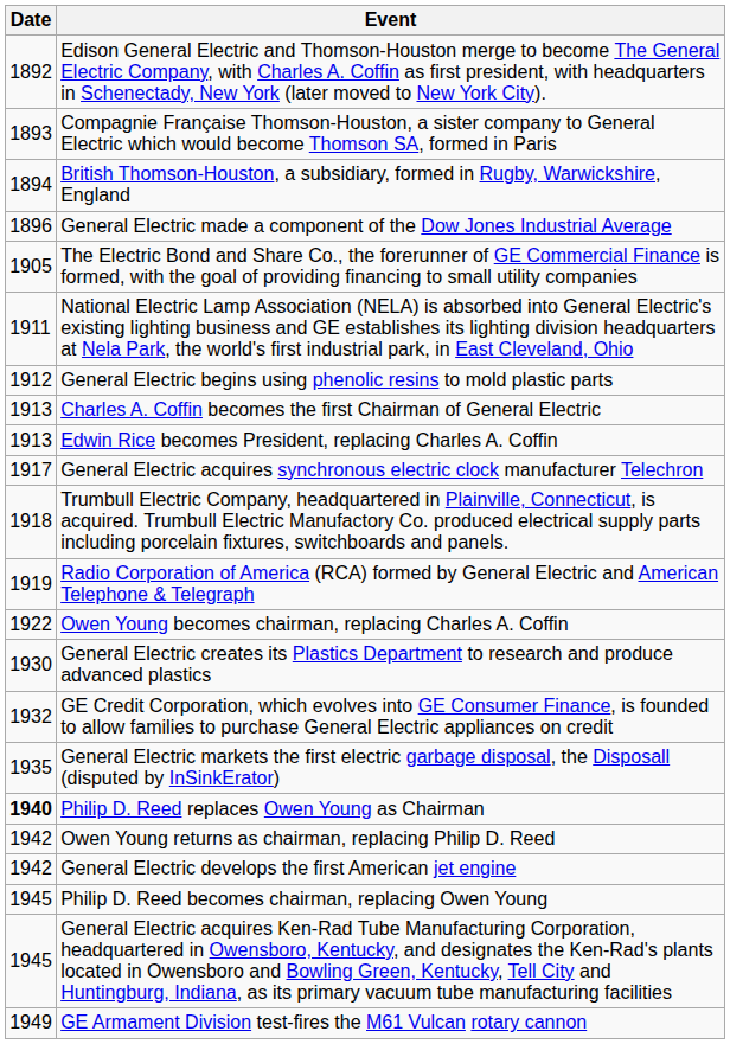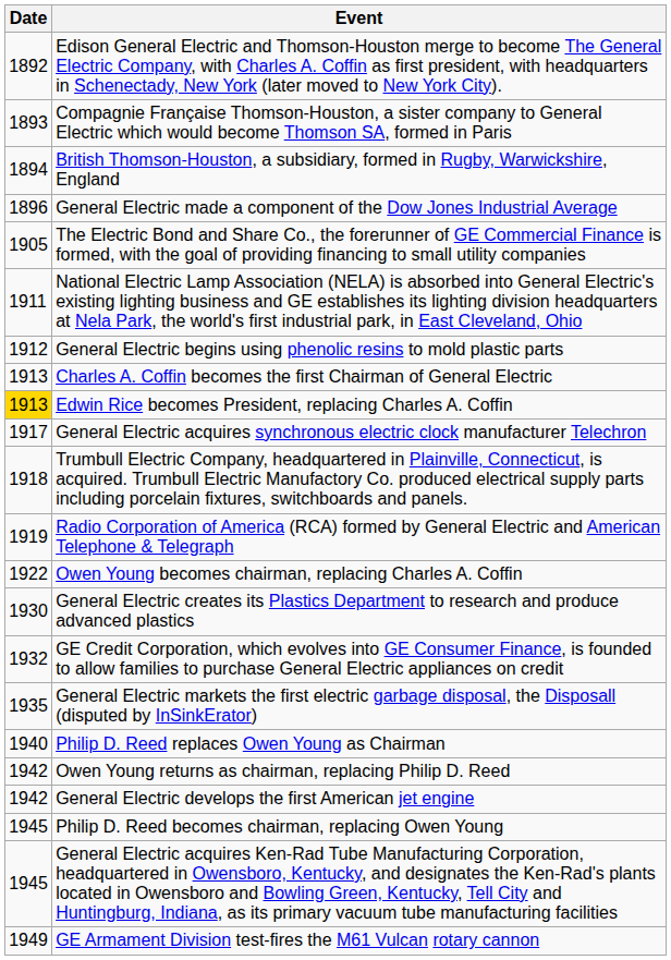 <table class="wikitable">
 <tr>
 <th>Date</th>
 <th>Event</th>
 </tr>
 <tr>
 </tr>
 <tr>
 <td>1892</td>
 <td>Edison General Electric and Thomson-Houston merge to become <a href='#'>The General Electric Company</a>, with <a href='#'>Charles A. Coffin</a> as first president, with headquarters in <a href='#'>Schenectady, New York</a> (later moved to <a href='#'>New York City</a>).</td>
 </tr>
 <tr>
 <td>1893</td>
 <td>Compagnie Française Thomson-Houston, a sister company to General Electric which would become <a href='#'>Thomson SA</a>, formed in Paris</td>
 </tr>
 <tr>
 <td>1894</td>
 <td><a href='#'>British Thomson-Houston</a>, a subsidiary, formed in <a href='#'>Rugby, Warwickshire</a>, England</td>
 </tr>
 <tr>
 <td>1896</td>
 <td>General Electric made a component of the <a href='#'>Dow Jones Industrial Average</a></td>
 </tr>
 <tr>
 <td>1905</td>
 <td>The Electric Bond and Share Co., the forerunner of <a href='#'>GE Commercial Finance</a> is formed, with the goal of providing financing to small utility companies</td>
 </tr>
 <tr>
 <td>1911</td>
 <td>National Electric Lamp Association (NELA) is absorbed into General Electric's existing lighting business and GE establishes its lighting division headquarters at <a href='#'>Nela Park</a>, the world's first industrial park, in <a href='#'>East Cleveland, Ohio</a></td>
 </tr>
 <tr>
 <td>1912</td>
 <td>General Electric begins using <a href='#'>phenolic resins</a> to mold plastic parts</td>
 </tr>
 <tr>
 <td>1913</td>
 <td><a href='#'>Charles A. Coffin</a> becomes the first Chairman of General Electric</td>
 </tr>
 <tr>
-<td>1913</td>
+<td style="background: gold;">1913</td>
 <td><a href='#'>Edwin Rice</a> becomes President, replacing Charles A. Coffin</td>
 </tr>
 <tr>
 <td>1917</td>
 <td>General Electric acquires <a href='#'>synchronous electric clock</a> manufacturer <a href='#'>Telechron</a></td>
 </tr>
 <tr>
 <td>1918</td>
 <td>Trumbull Electric Company, headquartered in <a href='#'>Plainville, Connecticut</a>, is acquired. Trumbull Electric Manufactory Co. produced electrical supply parts including porcelain fixtures, switchboards and panels.</td>
 </tr>
 <tr>
 <td>1919</td>
 <td><a href='#'>Radio Corporation of America</a> (RCA) formed by General Electric and <a href='#'>American Telephone & Telegraph</a></td>
 </tr>
 <tr>
 <td>1922</td>
 <td><a href='#'>Owen Young</a> becomes chairman, replacing Charles A. Coffin</td>
 </tr>
 <tr>
 <td>1930</td>
 <td>General Electric creates its <a href='#'>Plastics Department</a> to research and produce advanced plastics</td>
 </tr>
 <tr>
 <td>1932</td>
 <td>GE Credit Corporation, which evolves into <a href='#'>GE Consumer Finance</a>, is founded to allow families to purchase General Electric appliances on credit</td>
 </tr>
 <tr>
 <td>1935</td>
 <td>General Electric markets the first electric <a href='#'>garbage disposal</a>, the <a href='#'>Disposall</a> (disputed by <a href='#'>InSinkErator</a>)</td>
 </tr>
 <tr>
-<td><strong>1940</strong></td>
+<td>1940</td>
 <td><a href='#'>Philip D. Reed</a> replaces <a href='#'>Owen Young</a> as Chairman</td>
 </tr>
 <tr>
 <td>1942</td>
 <td>Owen Young returns as chairman, replacing Philip D. Reed</td>
 </tr>
 <tr>
 <td>1942</td>
 <td>General Electric develops the first American <a href='#'>jet engine</a></td>
 </tr>
 <tr>
 <td>1945</td>
 <td>Philip D. Reed becomes chairman, replacing Owen Young</td>
 </tr>
 <tr>
 <td>1945</td>
 <td>General Electric acquires Ken-Rad Tube Manufacturing Corporation, headquartered in <a href='#'>Owensboro, Kentucky</a>, and designates the Ken-Rad's plants located in Owensboro and <a href='#'>Bowling Green, Kentucky</a>, <a href='#'>Tell City</a> and <a href='#'>Huntingburg, Indiana</a>, as its primary vacuum tube manufacturing facilities</td>
 </tr>
 <tr>
 <td>1949</td>
 <td><a href='#'>GE Armament Division</a> test-fires the <a href='#'>M61 Vulcan</a> <a href='#'>rotary cannon</a></td>
 </tr>
 <tr>
 </tr>
 </table>
